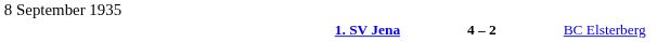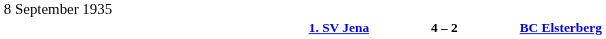 <table width=100% cellspacing=1>
 <tr>
 <th width=25%></th>
 <th width=10%></th>
 <th width=25%></th>
 <th></th>
 </tr>
 <tr>
 <td>8 September 1935</td>
 </tr>
 <tr style=font-size:90%>
 <td align=right><strong><a href='#'>1. SV Jena</a></strong></td>
 <td align=center><strong>4 – 2</strong></td>
-<td><a href='#'>BC Elsterberg</a></td>
+<td><strong><a href='#'>BC Elsterberg</a></strong></td>
 </tr>
 </table>
